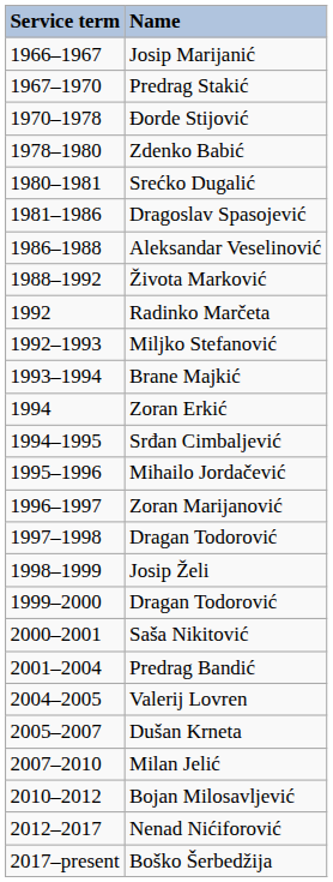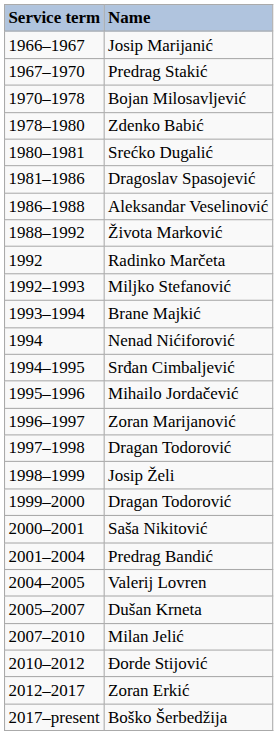 <table class="wikitable">
 <tr>
 <th style="text-align: left; background: #B0C4DE;">Service term</th>
 <th style="text-align: left; background: #B0C4DE;">Name</th>
 </tr>
 <tr>
 <td>1966–1967</td>
 <td>Josip Marijanić</td>
 </tr>
 <tr>
 <td>1967–1970</td>
 <td>Predrag Stakić</td>
 </tr>
 <tr>
 <td>1970–1978</td>
-<td>Ðorde Stijović</td>
+<td>Bojan Milosavljević</td>
 </tr>
 <tr>
 <td>1978–1980</td>
 <td>Zdenko Babić</td>
 </tr>
 <tr>
 <td>1980–1981</td>
 <td>Srećko Dugalić</td>
 </tr>
 <tr>
 <td>1981–1986</td>
 <td>Dragoslav Spasojević</td>
 </tr>
 <tr>
 <td>1986–1988</td>
 <td>Aleksandar Veselinović</td>
 </tr>
 <tr>
 <td>1988–1992</td>
 <td>Života Marković</td>
 </tr>
 <tr>
 <td>1992</td>
 <td>Radinko Marčeta</td>
 </tr>
 <tr>
 <td>1992–1993</td>
 <td>Miljko Stefanović</td>
 </tr>
 <tr>
 <td>1993–1994</td>
 <td>Brane Majkić</td>
 </tr>
 <tr>
 <td>1994</td>
-<td>Zoran Erkić</td>
+<td>Nenad Nićiforović</td>
 </tr>
 <tr>
 <td>1994–1995</td>
 <td>Srđan Cimbaljević</td>
 </tr>
 <tr>
 <td>1995–1996</td>
 <td>Mihailo Jordačević</td>
 </tr>
 <tr>
 <td>1996–1997</td>
 <td>Zoran Marijanović</td>
 </tr>
 <tr>
 <td>1997–1998</td>
 <td>Dragan Todorović</td>
 </tr>
 <tr>
 <td>1998–1999</td>
 <td>Josip Želi</td>
 </tr>
 <tr>
 <td>1999–2000</td>
 <td>Dragan Todorović</td>
 </tr>
 <tr>
 <td>2000–2001</td>
 <td>Saša Nikitović</td>
 </tr>
 <tr>
 <td>2001–2004</td>
 <td>Predrag Bandić</td>
 </tr>
 <tr>
 <td>2004–2005</td>
 <td>Valerij Lovren</td>
 </tr>
 <tr>
 <td>2005–2007</td>
 <td>Dušan Krneta</td>
 </tr>
 <tr>
 <td>2007–2010</td>
 <td>Milan Jelić</td>
 </tr>
 <tr>
 <td>2010–2012</td>
-<td>Bojan Milosavljević</td>
+<td>Ðorde Stijović</td>
 </tr>
 <tr>
 <td>2012–2017</td>
-<td>Nenad Nićiforović</td>
+<td>Zoran Erkić</td>
 </tr>
 <tr>
 <td>2017–present</td>
 <td>Boško Šerbedžija</td>
 </tr>
 <tr>
 </tr>
 </table>
